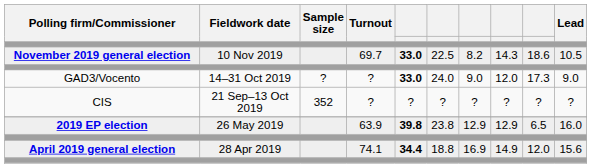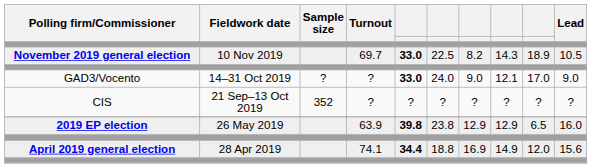 <table class="wikitable collapsible collapsed" style="text-align:center; font-size:95%; line-height:16px;">
 <tr style="height:42px;">
 <th style="width:250px;" rowspan="2">Polling firm/Commissioner</th>
 <th style="width:125px;" rowspan="2">Fieldwork date</th>
 <th style="width:50px;" rowspan="2">Sample size</th>
 <th style="width:45px;" rowspan="2">Turnout</th>
 <th style="width:35px;"></th>
 <th style="width:35px;"></th>
 <th style="width:35px;"></th>
 <th style="width:35px;"></th>
 <th style="width:35px;"></th>
 <th style="width:30px;" rowspan="2">Lead</th>
 </tr>
 <tr>
 <th style="color:inherit;background:"></th>
 <th style="color:inherit;background:"></th>
 <th style="color:inherit;background:"></th>
 <th style="color:inherit;background:"></th>
 <th style="color:inherit;background:"></th>
 </tr>
 <tr>
 <td colspan="10" style="background:#A0A0A0"></td>
 </tr>
 <tr style="background:#EFEFEF;">
 <td><strong><a href='#'>November 2019 general election</a></strong></td>
 <td>10 Nov 2019</td>
 <td></td>
 <td>69.7</td>
 <td><strong>33.0</strong><br></td>
 <td>22.5<br></td>
 <td>8.2<br></td>
 <td>14.3<br></td>
-<td>18.6<br></td>
+<td>18.9<br></td>
 <td style="background:">10.5</td>
 </tr>
 <tr>
 <td colspan="10" style="background:#A0A0A0"></td>
 </tr>
 <tr>
 <td>GAD3/Vocento</td>
 <td>14–31 Oct 2019</td>
 <td>?</td>
 <td>?</td>
 <td><strong>33.0</strong><br></td>
 <td>24.0<br></td>
 <td>9.0<br></td>
-<td>12.0<br></td>
-<td>17.3<br></td>
+<td>12.1<br></td>
+<td>17.0<br></td>
 <td style="background:">9.0</td>
 </tr>
 <tr>
 <td>CIS</td>
 <td>21 Sep–13 Oct 2019</td>
 <td>352</td>
 <td>?</td>
 <td>?<br></td>
 <td>?<br></td>
 <td>?<br></td>
 <td>?<br></td>
 <td>?<br></td>
 <td style="background:">?</td>
 </tr>
 <tr>
 </tr>
 <tr style="background:#EFEFEF;">
 <td><strong><a href='#'>2019 EP election</a></strong></td>
 <td>26 May 2019</td>
 <td></td>
 <td>63.9</td>
 <td><strong>39.8</strong><br></td>
 <td>23.8<br></td>
 <td>12.9<br></td>
 <td>12.9<br></td>
 <td>6.5<br></td>
 <td style="background:">16.0</td>
 </tr>
 <tr>
 <td colspan="10" style="background:#A0A0A0"></td>
 </tr>
 <tr style="background:#EFEFEF;">
 <td><strong><a href='#'>April 2019 general election</a></strong></td>
 <td>28 Apr 2019</td>
 <td></td>
 <td>74.1</td>
 <td><strong>34.4</strong><br></td>
 <td>18.8<br></td>
 <td>16.9<br></td>
 <td>14.9<br></td>
 <td>12.0<br></td>
 <td style="background:">15.6</td>
 </tr>
 <tr>
 <td colspan="10" style="background:#A0A0A0"></td>
 </tr>
 </table>
